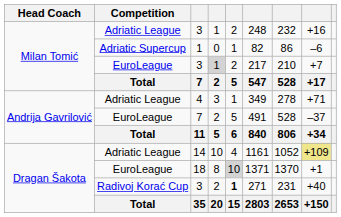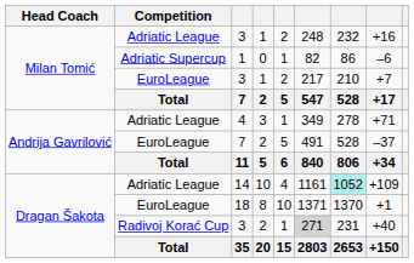 <table class="wikitable" style="font-size:95%; text-align:center;">
 <tr>
 <th>Head Coach</th>
 <th>Competition</th>
 <th></th>
 <th></th>
 <th></th>
 <th></th>
 <th></th>
 <th></th>
 <th></th>
 </tr>
 <tr>
 <td rowspan=4><a href='#'>Milan Tomić</a></td>
 <td><a href='#'>Adriatic League</a></td>
 <td>3</td>
 <td>1</td>
 <td>2</td>
 <td>248</td>
 <td>232</td>
 <td>+16</td>
 <td></td>
 </tr>
 <tr>
 <td><a href='#'>Adriatic Supercup</a></td>
 <td>1</td>
 <td>0</td>
 <td>1</td>
 <td>82</td>
 <td>86</td>
 <td>–6</td>
 <td></td>
 </tr>
 <tr>
 <td><a href='#'>EuroLeague</a></td>
 <td>3</td>
-<td style="background: lightgrey;">1</td>
+<td>1</td>
 <td>2</td>
 <td>217</td>
 <td>210</td>
 <td>+7</td>
 <td></td>
 </tr>
 <tr>
 <th>Total</th>
 <th>7</th>
 <th>2</th>
 <th>5</th>
 <th>547</th>
 <th>528</th>
 <th>+17</th>
 <th></th>
 </tr>
 <tr>
 <td rowspan=3><a href='#'>Andrija Gavrilović</a></td>
 <td>Adriatic League</td>
 <td>4</td>
 <td>3</td>
 <td>1</td>
 <td>349</td>
 <td>278</td>
 <td>+71</td>
 <td></td>
 </tr>
 <tr>
 <td>EuroLeague</td>
 <td>7</td>
 <td>2</td>
 <td>5</td>
 <td>491</td>
 <td>528</td>
 <td>–37</td>
 <td></td>
 </tr>
 <tr>
 <th>Total</th>
 <th>11</th>
 <th>5</th>
 <th>6</th>
 <th>840</th>
 <th>806</th>
 <th>+34</th>
 <th></th>
 </tr>
 <tr>
 <td rowspan=4><a href='#'>Dragan Šakota</a></td>
 <td>Adriatic League</td>
 <td>14</td>
 <td>10</td>
 <td>4</td>
 <td>1161</td>
-<td>1052</td>
-<td style="background: khaki;">+109</td>
+<td style="background: paleturquoise;">1052</td>
+<td>+109</td>
 <td></td>
 </tr>
 <tr>
 <td>EuroLeague</td>
 <td>18</td>
 <td>8</td>
-<td style="background: lightgrey;">10</td>
+<td>10</td>
 <td>1371</td>
 <td>1370</td>
 <td>+1</td>
 <td></td>
 </tr>
 <tr>
 <td><a href='#'>Radivoj Korać Cup</a></td>
 <td>3</td>
 <td>2</td>
-<td><strong>1</strong></td>
-<td>271</td>
+<td>1</td>
+<td style="background: lightgrey;">271</td>
 <td>231</td>
 <td>+40</td>
 <td></td>
 </tr>
 <tr>
 <th>Total</th>
 <th>35</th>
 <th>20</th>
 <th>15</th>
 <th>2803</th>
 <th>2653</th>
 <th>+150</th>
 <th></th>
 </tr>
 </table>
